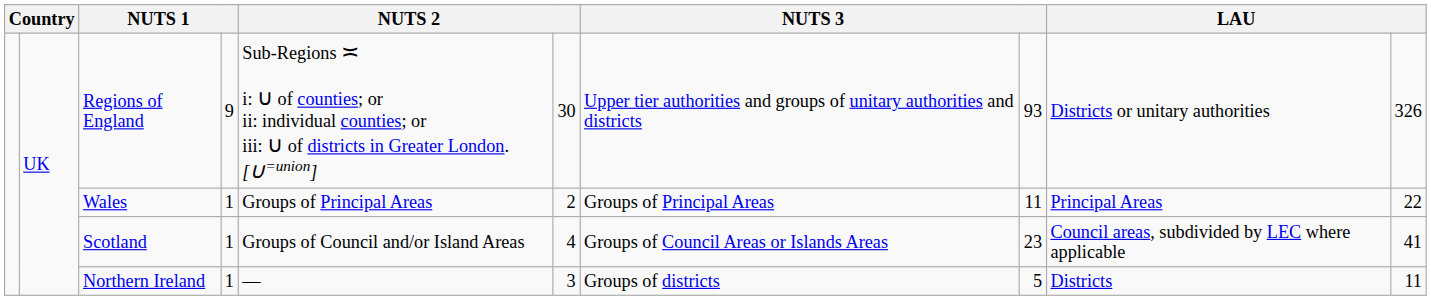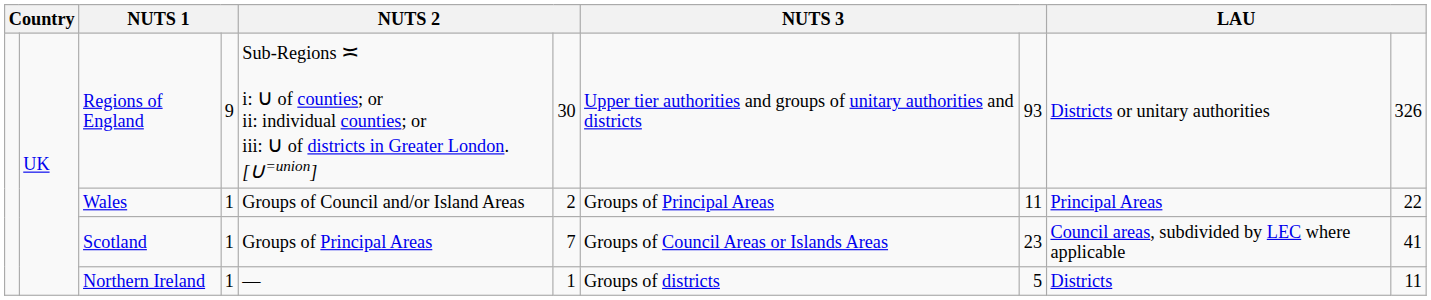 <table class="wikitable">
 <tr style="background:#ddd;">
 <th colspan=2>Country</th>
 <th colspan=2>NUTS 1</th>
 <th colspan=2>NUTS 2</th>
 <th colspan=2>NUTS 3</th>
 <th colspan=2>LAU</th>
 </tr>
 <tr>
 <td rowspan=4></td>
 <td rowspan=4><a href='#'>UK</a></td>
 <td><a href='#'>Regions of England</a></td>
 <td align=right>9</td>
 <td>Sub-Regions <big>≍</big> <br><br>i: <big>∪</big> of <a href='#'>counties</a>; or <br> ii: individual <a href='#'>counties</a>; or <br> iii: <big>∪</big> of <a href='#'>districts in Greater London</a>. <em>[<big>∪</big><sup>=union</sup>]</em></td>
 <td align=right>30</td>
 <td><a href='#'>Upper tier authorities</a> and groups of <a href='#'>unitary authorities</a> and <a href='#'>districts</a></td>
 <td align=right>93</td>
 <td><a href='#'>Districts</a> or unitary authorities</td>
 <td align=right>326</td>
 </tr>
 <tr>
 <td><a href='#'>Wales</a></td>
 <td align=right>1</td>
-<td>Groups of <a href='#'>Principal Areas</a></td>
+<td>Groups of Council and/or Island Areas</td>
 <td align=right>2</td>
 <td>Groups of <a href='#'>Principal Areas</a></td>
 <td align=right>11</td>
 <td><a href='#'>Principal Areas</a></td>
 <td align=right>22</td>
 </tr>
 <tr>
 <td><a href='#'>Scotland</a></td>
 <td align=right>1</td>
-<td>Groups of Council and/or Island Areas</td>
-<td align=right>4</td>
+<td>Groups of <a href='#'>Principal Areas</a></td>
+<td align=right>7</td>
 <td>Groups of <a href='#'>Council Areas or Islands Areas</a></td>
 <td align=right>23</td>
 <td><a href='#'>Council areas</a>, subdivided by <a href='#'>LEC</a> where applicable</td>
 <td align=right>41</td>
 </tr>
 <tr>
 <td><a href='#'>Northern Ireland</a></td>
 <td align=right>1</td>
 <td>—</td>
-<td align=right>3</td>
+<td align=right>1</td>
 <td>Groups of <a href='#'>districts</a></td>
 <td align=right>5</td>
 <td><a href='#'>Districts</a></td>
 <td align=right>11</td>
 </tr>
 </table>
